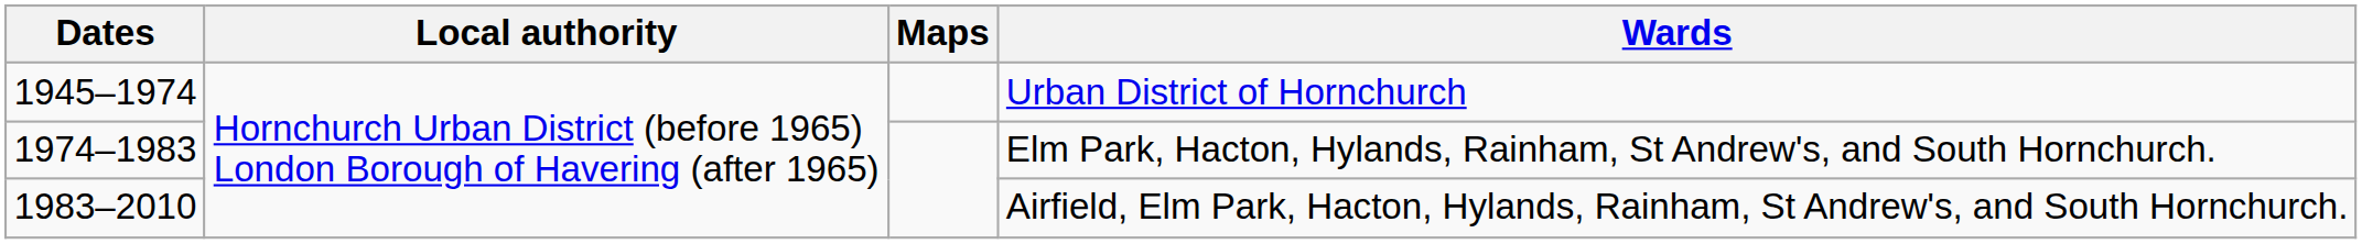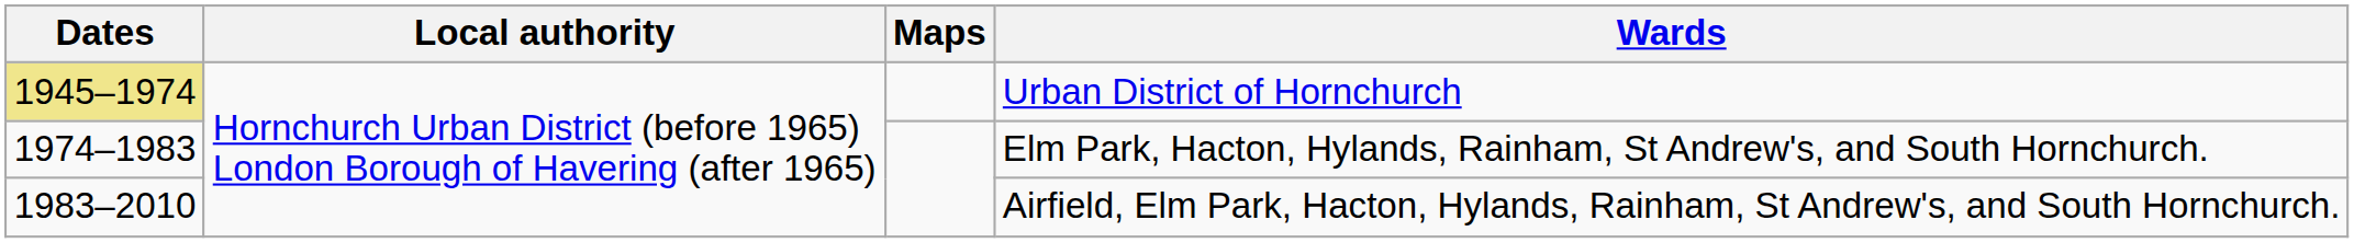 <table class=wikitable>
 <tr>
 <th>Dates</th>
 <th>Local authority</th>
 <th>Maps</th>
 <th><a href='#'>Wards</a></th>
 </tr>
 <tr>
-<td>1945–1974</td>
+<td style="background: khaki;">1945–1974</td>
 <td rowspan="3"><a href='#'>Hornchurch Urban District</a> (before 1965)<br><a href='#'>London Borough of Havering</a> (after 1965)</td>
 <td></td>
 <td><a href='#'>Urban District of Hornchurch</a></td>
 </tr>
 <tr>
 <td>1974–1983</td>
 <td rowspan="2"></td>
 <td>Elm Park, Hacton, Hylands, Rainham, St Andrew's, and South Hornchurch.</td>
 </tr>
 <tr>
 <td>1983–2010</td>
 <td>Airfield, Elm Park, Hacton, Hylands, Rainham, St Andrew's, and South Hornchurch.</td>
 </tr>
 </table>
